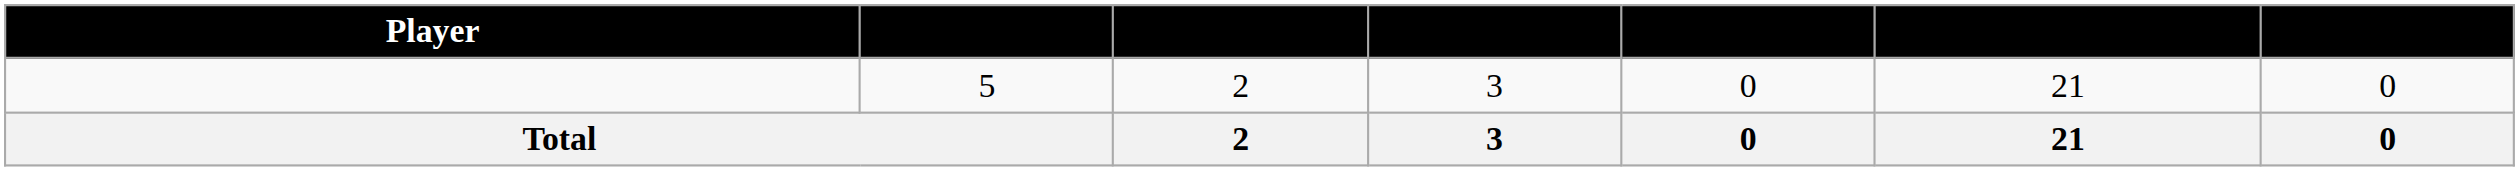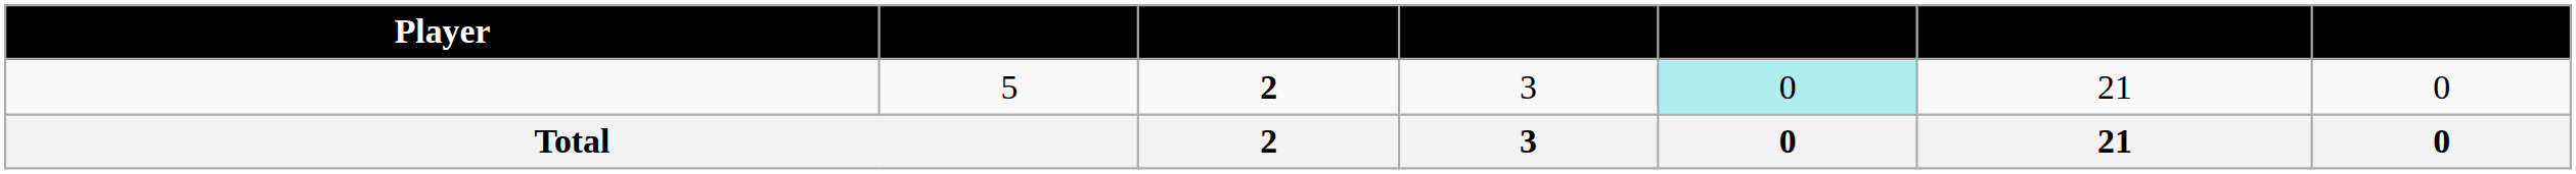 <table class="wikitable sortable" style="width:60%; text-align:center;">
 <tr>
 <th style="color:white; background:#000000; ">Player</th>
 <th style="color:white; background:#000000; "></th>
 <th style="color:white; background:#000000; "></th>
 <th style="color:white; background:#000000; "></th>
 <th style="color:white; background:#000000; "></th>
 <th style="color:white; background:#000000; "></th>
 <th style="color:white; background:#000000; "></th>
 </tr>
 <tr>
 <td></td>
 <td>5</td>
-<td>2</td>
+<td><strong>2</strong></td>
 <td>3</td>
-<td>0</td>
+<td style="background: paleturquoise;">0</td>
 <td>21</td>
 <td>0</td>
 </tr>
 <tr class="sortbottom">
 <th colspan=2>Total</th>
 <th>2</th>
 <th>3</th>
 <th>0</th>
 <th>21</th>
 <th>0</th>
 </tr>
 </table>
